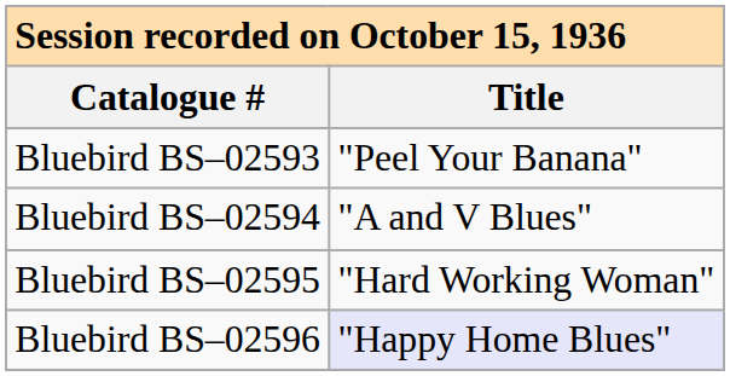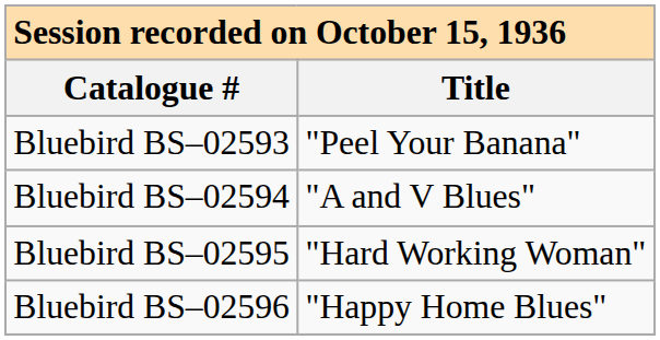 <table class="wikitable">
 <tr>
 <td colspan="2" style="background:#ffdead; text-align:left;"><strong>Session recorded on October 15, 1936</strong></td>
 </tr>
 <tr>
 <th>Catalogue #</th>
 <th>Title</th>
 </tr>
 <tr>
 <td>Bluebird BS–02593</td>
 <td>"Peel Your Banana"</td>
 </tr>
 <tr>
 <td>Bluebird BS–02594</td>
 <td>"A and V Blues"</td>
 </tr>
 <tr>
 <td>Bluebird BS–02595</td>
 <td>"Hard Working Woman"</td>
 </tr>
 <tr>
 <td>Bluebird BS–02596</td>
-<td style="background: lavender;">"Happy Home Blues"</td>
+<td>"Happy Home Blues"</td>
 </tr>
 <tr>
 </tr>
 </table>
